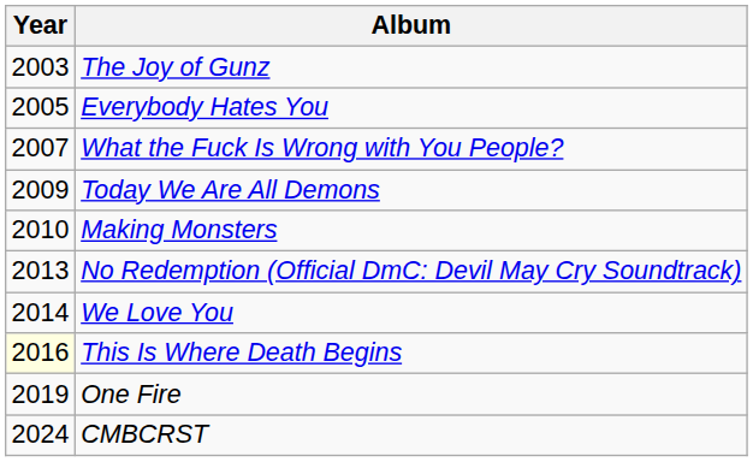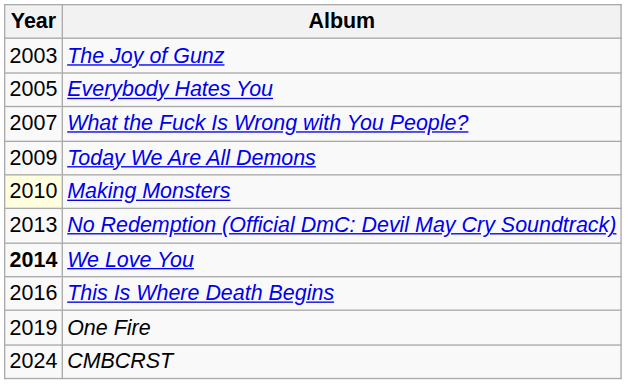 <table class="wikitable">
 <tr>
 <th>Year</th>
 <th>Album</th>
 </tr>
 <tr>
 <td>2003</td>
 <td><em><a href='#'>The Joy of Gunz</a></em></td>
 </tr>
 <tr>
 <td>2005</td>
 <td><em><a href='#'>Everybody Hates You</a></em></td>
 </tr>
 <tr>
 <td>2007</td>
 <td><em><a href='#'>What the Fuck Is Wrong with You People?</a></em></td>
 </tr>
 <tr>
 <td>2009</td>
 <td><em><a href='#'>Today We Are All Demons</a></em></td>
 </tr>
 <tr>
-<td>2010</td>
+<td style="background: lightyellow;">2010</td>
 <td><em><a href='#'>Making Monsters</a></em></td>
 </tr>
 <tr>
 <td>2013</td>
 <td><em><a href='#'>No Redemption (Official DmC: Devil May Cry Soundtrack)</a></em></td>
 </tr>
 <tr>
-<td>2014</td>
+<td><strong>2014</strong></td>
 <td><em><a href='#'>We Love You</a></em></td>
 </tr>
 <tr>
-<td style="background: lightyellow;">2016</td>
+<td>2016</td>
 <td><em><a href='#'>This Is Where Death Begins</a></em></td>
 </tr>
 <tr>
 <td>2019</td>
 <td><em>One Fire</em></td>
 </tr>
 <tr>
 <td>2024</td>
 <td><em>CMBCRST</em></td>
 </tr>
 </table>
